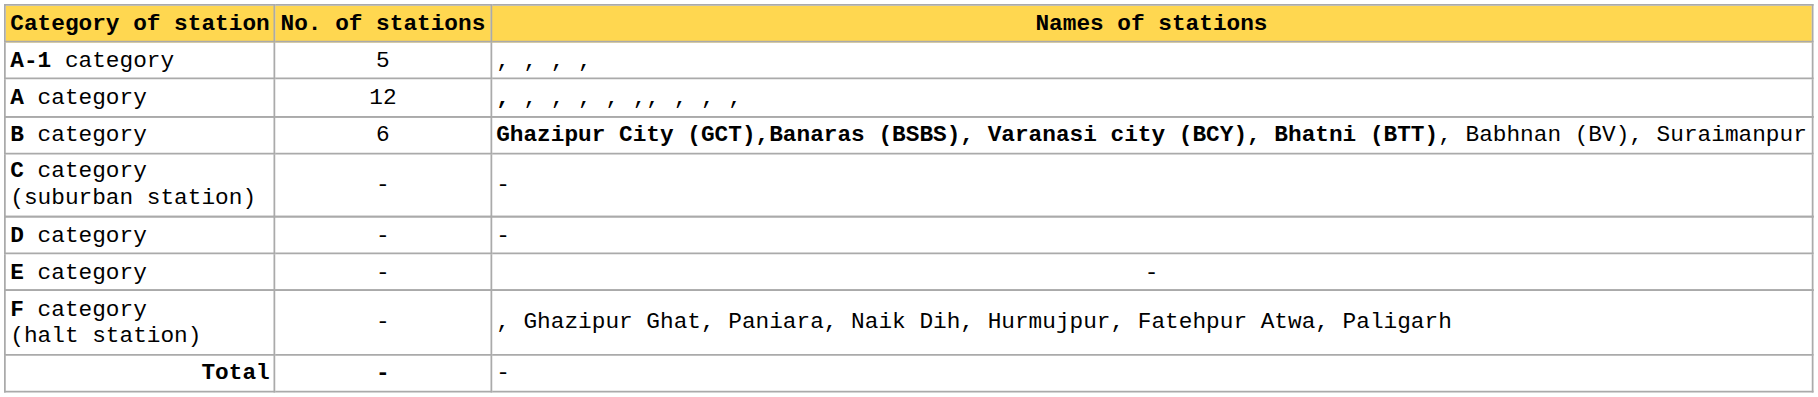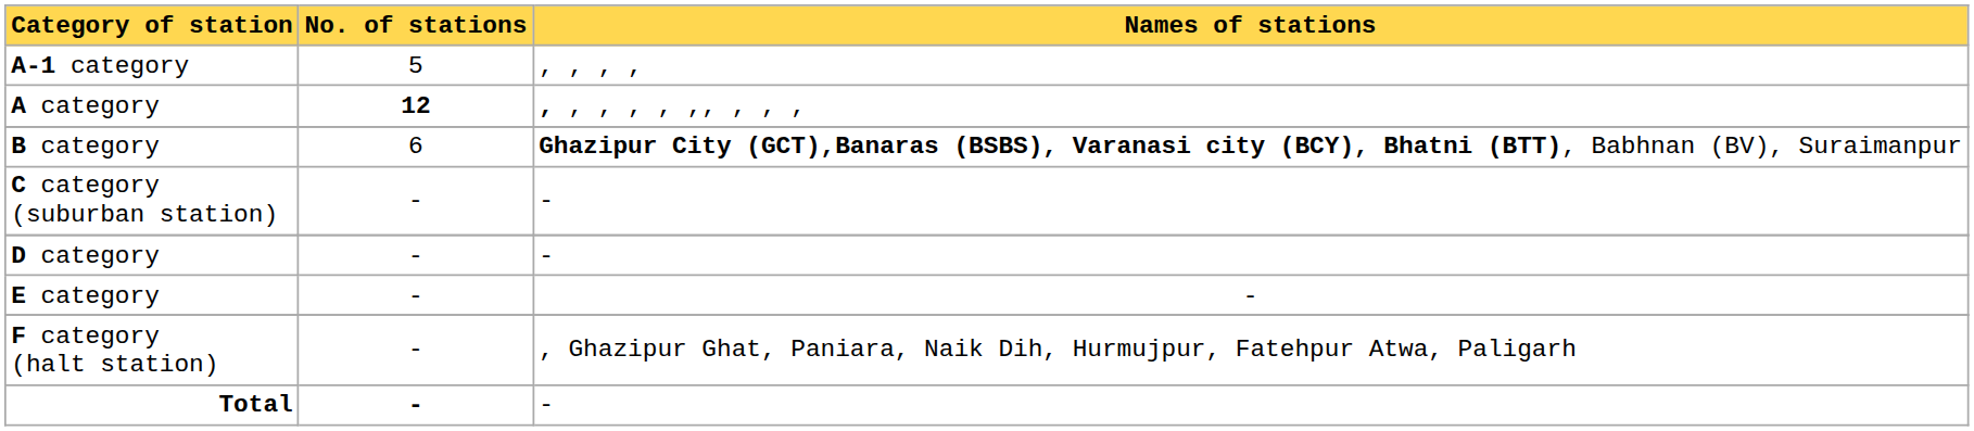 <table class="wikitable sortable" style="background:#fff;">
 <tr>
 <th style="background:#ffd750;">Category of station</th>
 <th style="background:#ffd750;">No. of stations</th>
 <th style="background:#ffd750;">Names of stations</th>
 </tr>
 <tr>
 <td style="text-align:left;"><strong>A-1</strong> category</td>
 <td style="text-align:center;">5</td>
 <td style="text-align:left;">, , , ,  </td>
 </tr>
 <tr>
 <td style="text-align:left;"><strong>A</strong> category</td>
-<td style="text-align:center;">12</td>
+<td style="text-align:center;"><strong>12</strong></td>
 <td style="text-align:left;"><strong>, </strong>, , , , ,, , , , </td>
 </tr>
 <tr>
 </tr>
 <tr>
 </tr>
 <tr>
 <td style="text-align:left;"><strong>B</strong> category</td>
 <td style="text-align:center;">6</td>
 <td style="text-align:left;"><strong>Ghazipur City (GCT),Banaras (BSBS), Varanasi city (BCY), Bhatni (BTT)</strong>, Babhnan (BV), Suraimanpur</td>
 </tr>
 <tr>
 <td style="text-align:left;"><strong>C</strong> category<br>(suburban station)</td>
 <td style="text-align:center;">-</td>
 <td style="text-align:left;">-</td>
 </tr>
 <tr>
 </tr>
 <tr>
 <td style="text-align:left;"><strong>D</strong> category</td>
 <td style="text-align:center;">-</td>
 <td style="text-align:left;">-</td>
 </tr>
 <tr>
 <td style="text-align:left;"><strong>E</strong> category</td>
 <td style="text-align:center;">-</td>
 <td style="text-align:center;">-</td>
 </tr>
 <tr>
 </tr>
 <tr>
 <td style="text-align:left;"><strong>F</strong> category<br>(halt station)</td>
 <td style="text-align:center;">-</td>
 <td style="text-align:left;">, Ghazipur Ghat, Paniara, Naik Dih, Hurmujpur, Fatehpur Atwa, Paligarh</td>
 </tr>
 <tr>
 <td style="text-align:right;"><strong>Total</strong></td>
 <td style="text-align:center;"><strong>-</strong></td>
 <td style="text-align:left;">-</td>
 </tr>
 </table>
